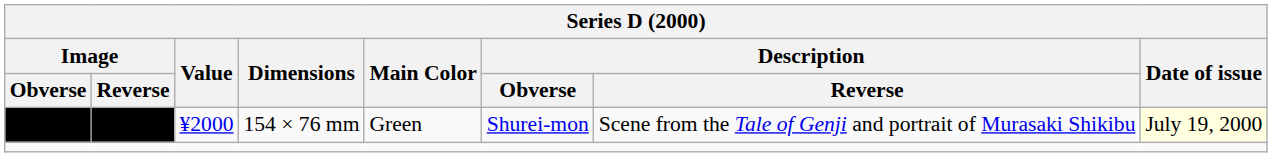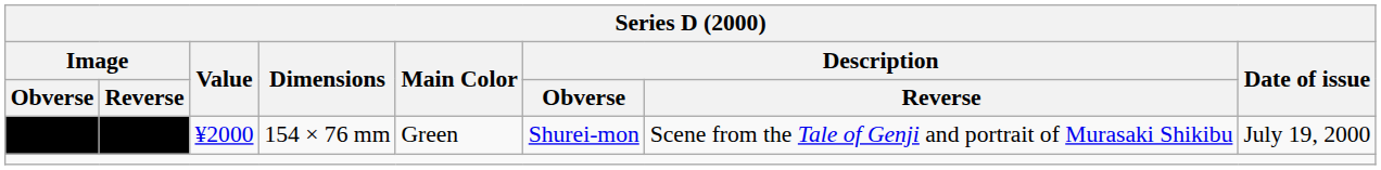 <table class="wikitable">
 <tr>
 <th colspan="8">Series D (2000)</th>
 </tr>
 <tr>
 <th colspan="2">Image</th>
 <th rowspan="2">Value</th>
 <th rowspan="2">Dimensions</th>
 <th rowspan="2">Main Color</th>
 <th colspan="2">Description</th>
 <th rowspan="2">Date of issue</th>
 </tr>
 <tr>
 <th>Obverse</th>
 <th>Reverse</th>
 <th>Obverse</th>
 <th>Reverse</th>
 </tr>
 <tr>
 <td style="text-align:center; background:#000;"></td>
 <td style="text-align:center; background:#000;"></td>
 <td><a href='#'>¥2000</a></td>
 <td>154 × 76 mm</td>
 <td>Green</td>
 <td><a href='#'>Shurei-mon</a></td>
 <td>Scene from the <em><a href='#'>Tale of Genji</a></em> and portrait of <a href='#'>Murasaki Shikibu</a></td>
-<td style="background: lightyellow;">July 19, 2000</td>
+<td>July 19, 2000</td>
 </tr>
 <tr>
 <td colspan="8"></td>
 </tr>
 </table>
